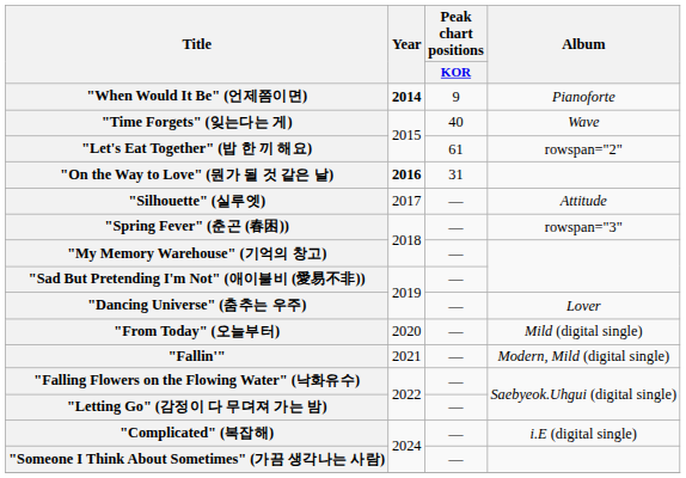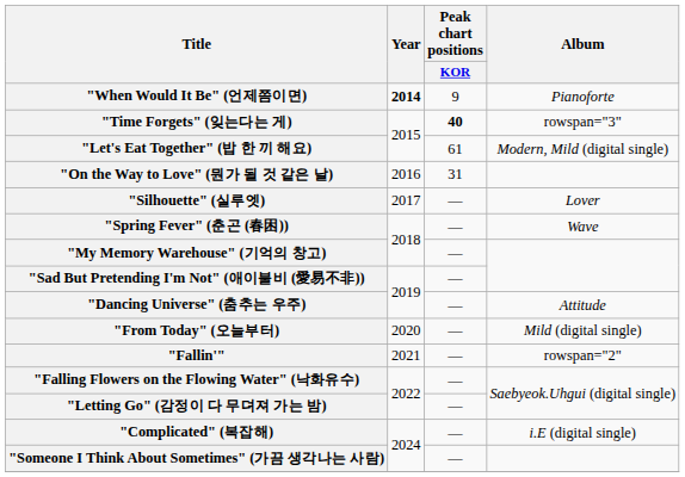 <table class="wikitable plainrowheaders" style="text-align:center;">
 <tr>
 <th scope="col" rowspan="2">Title</th>
 <th scope="col" rowspan="2">Year</th>
 <th scope="col">Peak chart positions</th>
 <th scope="col" rowspan="2">Album</th>
 </tr>
 <tr>
 <th scope="col" style="width:2.5em;font-size:90%;"><a href='#'>KOR</a><br></th>
 </tr>
 <tr>
 <th scope="row">"When Would It Be" (언제쯤이면) </th>
 <td><strong>2014</strong></td>
 <td>9</td>
 <td><em>Pianoforte</em></td>
 </tr>
 <tr>
 <th scope="row">"Time Forgets" (잊는다는 게)</th>
 <td rowspan="2">2015</td>
-<td>40</td>
-<td><em>Wave</em></td>
+<td><strong>40</strong></td>
+<td>rowspan="3" </td>
 </tr>
 <tr>
 <th scope="row">"Let's Eat Together" (밥 한 끼 해요) </th>
 <td>61</td>
-<td>rowspan="2" </td>
+<td><em>Modern, Mild</em> (digital single)</td>
 </tr>
 <tr>
 <th scope="row">"On the Way to Love" (뭔가 될 것 같은 날) </th>
-<td><strong>2016</strong></td>
+<td>2016</td>
 <td>31</td>
 </tr>
 <tr>
 <th scope="row">"Silhouette" (실루엣)</th>
 <td>2017</td>
 <td>—</td>
-<td><em>Attitude</em></td>
+<td><em>Lover</em></td>
 </tr>
 <tr>
 <th scope="row">"Spring Fever" (춘곤 (春困))</th>
 <td rowspan="2">2018</td>
 <td>—</td>
-<td>rowspan="3" </td>
+<td><em>Wave</em></td>
 </tr>
 <tr>
 <th scope="row">"My Memory Warehouse" (기억의 창고)</th>
 <td>—</td>
 </tr>
 <tr>
 <th scope="row">"Sad But Pretending I'm Not" (애이불비 (愛易不非))</th>
 <td rowspan="2">2019</td>
 <td>—</td>
 </tr>
 <tr>
 <th scope="row">"Dancing Universe" (춤추는 우주)</th>
 <td>—</td>
-<td><em>Lover</em></td>
+<td><em>Attitude</em></td>
 </tr>
 <tr>
 <th scope="row">"From Today" (오늘부터)</th>
 <td>2020</td>
 <td>—</td>
 <td><em>Mild</em> (digital single)</td>
 </tr>
 <tr>
 <th scope="row">"Fallin'"</th>
 <td>2021</td>
 <td>—</td>
-<td><em>Modern, Mild</em> (digital single)</td>
+<td>rowspan="2" </td>
 </tr>
 <tr>
 <th scope="row">"Falling Flowers on the Flowing Water" (낙화유수)</th>
 <td rowspan="2">2022</td>
 <td>—</td>
 <td rowspan="2"><em>Saebyeok.Uhgui</em> (digital single)</td>
 </tr>
 <tr>
 <th scope="row">"Letting Go" (감정이 다 무뎌져 가는 밤)</th>
 <td>—</td>
 </tr>
 <tr>
 <th scope="row">"Complicated" (복잡해)</th>
 <td rowspan="2">2024</td>
 <td>—</td>
 <td><em>i.E</em> (digital single)</td>
 </tr>
 <tr>
 <th scope="row">"Someone I Think About Sometimes" (가끔 생각나는 사람)</th>
 <td>—</td>
 <td></td>
 </tr>
 <tr>
 </tr>
 </table>
